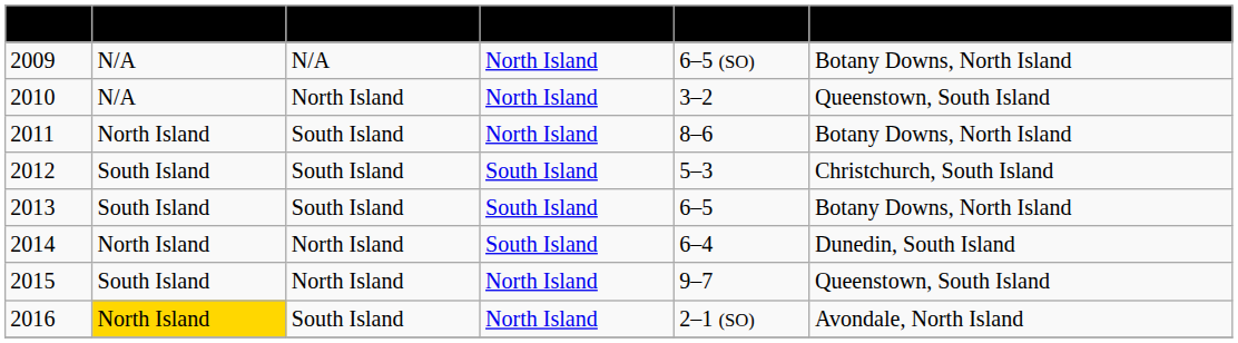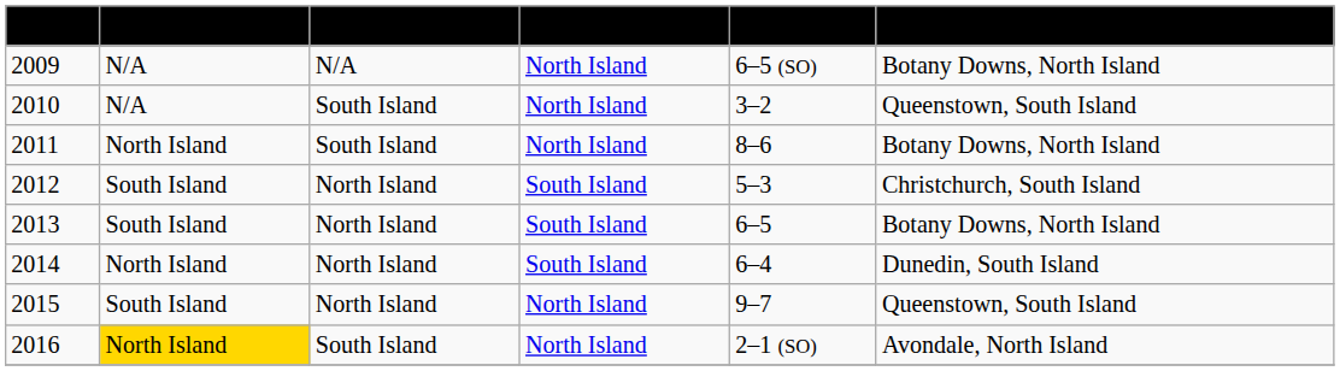 <table class="wikitable" style="font-size:95%; width:55em">
 <tr>
 <th style="background:#000000"><span>Year</span></th>
 <th style="background:#000000"><span>Holder</span></th>
 <th style="background:#000000"><span>Challenger</span></th>
 <th style="background:#000000"><span>Winner</span></th>
 <th style="background:#000000"><span>Score</span></th>
 <th style="background:#000000"><span>Host</span></th>
 </tr>
 <tr>
 <td>2009</td>
 <td>N/A</td>
 <td>N/A</td>
 <td><a href='#'>North Island</a></td>
 <td>6–5 <small>(SO)</small></td>
 <td>Botany Downs, North Island</td>
 </tr>
 <tr>
 <td>2010</td>
 <td>N/A</td>
-<td>North Island</td>
+<td>South Island</td>
 <td><a href='#'>North Island</a></td>
 <td>3–2</td>
 <td>Queenstown, South Island</td>
 </tr>
 <tr>
 <td>2011</td>
 <td>North Island</td>
 <td>South Island</td>
 <td><a href='#'>North Island</a></td>
 <td>8–6</td>
 <td>Botany Downs, North Island</td>
 </tr>
 <tr>
 <td>2012</td>
 <td>South Island</td>
-<td>South Island</td>
+<td>North Island</td>
 <td><a href='#'>South Island</a></td>
 <td>5–3</td>
 <td>Christchurch, South Island</td>
 </tr>
 <tr>
 <td>2013</td>
 <td>South Island</td>
-<td>South Island</td>
+<td>North Island</td>
 <td><a href='#'>South Island</a></td>
 <td>6–5</td>
 <td>Botany Downs, North Island</td>
 </tr>
 <tr>
 <td>2014</td>
 <td>North Island</td>
 <td>North Island</td>
 <td><a href='#'>South Island</a></td>
 <td>6–4</td>
 <td>Dunedin, South Island</td>
 </tr>
 <tr>
 <td>2015</td>
 <td>South Island</td>
 <td>North Island</td>
 <td><a href='#'>North Island</a></td>
 <td>9–7</td>
 <td>Queenstown, South Island</td>
 </tr>
 <tr>
 <td>2016</td>
 <td style="background: gold;">North Island</td>
 <td>South Island</td>
 <td><a href='#'>North Island</a></td>
 <td>2–1 <small>(SO)</small></td>
 <td>Avondale, North Island</td>
 </tr>
 <tr>
 </tr>
 </table>
